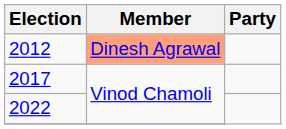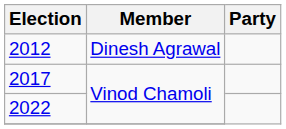 <table class="wikitable sortable">
 <tr>
 <th>Election</th>
 <th>Member</th>
 <th colspan=2>Party</th>
 </tr>
 <tr>
 <td><a href='#'>2012</a></td>
-<td style="background: lightsalmon;"><a href='#'>Dinesh Agrawal</a></td>
+<td><a href='#'>Dinesh Agrawal</a></td>
 <td></td>
 </tr>
 <tr>
 <td><a href='#'>2017</a></td>
 <td rowspan=2><a href='#'>Vinod Chamoli</a></td>
 <td></td>
 </tr>
 <tr>
 <td><a href='#'>2022</a></td>
 </tr>
 <tr>
 </tr>
 </table>
